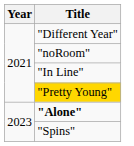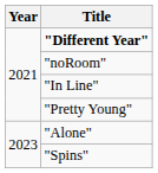 <table class="wikitable">
 <tr>
 <th>Year</th>
 <th>Title</th>
 </tr>
 <tr>
 <td rowspan="4">2021</td>
-<td>"Different Year"</td>
+<td><strong>"Different Year"</strong></td>
 </tr>
 <tr>
 <td>"noRoom"</td>
 </tr>
 <tr>
 <td>"In Line"</td>
 </tr>
 <tr>
-<td style="background: gold;">"Pretty Young"</td>
+<td>"Pretty Young"</td>
 </tr>
 <tr>
 <td rowspan="2">2023</td>
-<td><strong>"Alone"</strong></td>
+<td>"Alone"</td>
 </tr>
 <tr>
 <td>"Spins"</td>
 </tr>
 </table>
